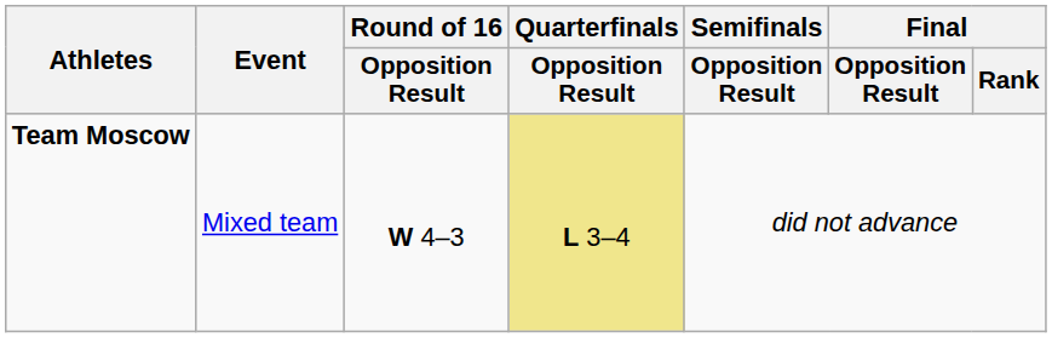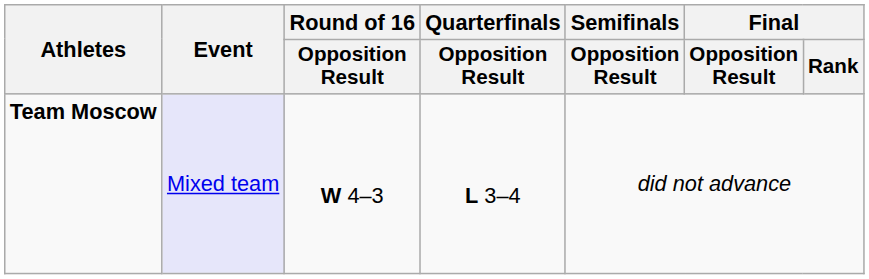 <table class="wikitable" style="font-size:90%">
 <tr>
 <th rowspan=2>Athletes</th>
 <th rowspan=2>Event</th>
 <th>Round of 16</th>
 <th>Quarterfinals</th>
 <th>Semifinals</th>
 <th colspan=2>Final</th>
 </tr>
 <tr style="font-size:95%">
 <th>Opposition<br>Result</th>
 <th>Opposition<br>Result</th>
 <th>Opposition<br>Result</th>
 <th>Opposition<br>Result</th>
 <th>Rank</th>
 </tr>
 <tr align=center>
 <td align=left><strong>Team Moscow</strong><br><br> <br><br><br><br><br></td>
-<td align=left><a href='#'>Mixed team</a></td>
+<td align=left style="background: lavender;"><a href='#'>Mixed team</a></td>
 <td><br><strong>W</strong> 4–3</td>
-<td style="background: khaki;"><br><strong>L</strong> 3–4</td>
+<td><br><strong>L</strong> 3–4</td>
 <td colspan=3><em>did not advance</em></td>
 </tr>
 </table>
